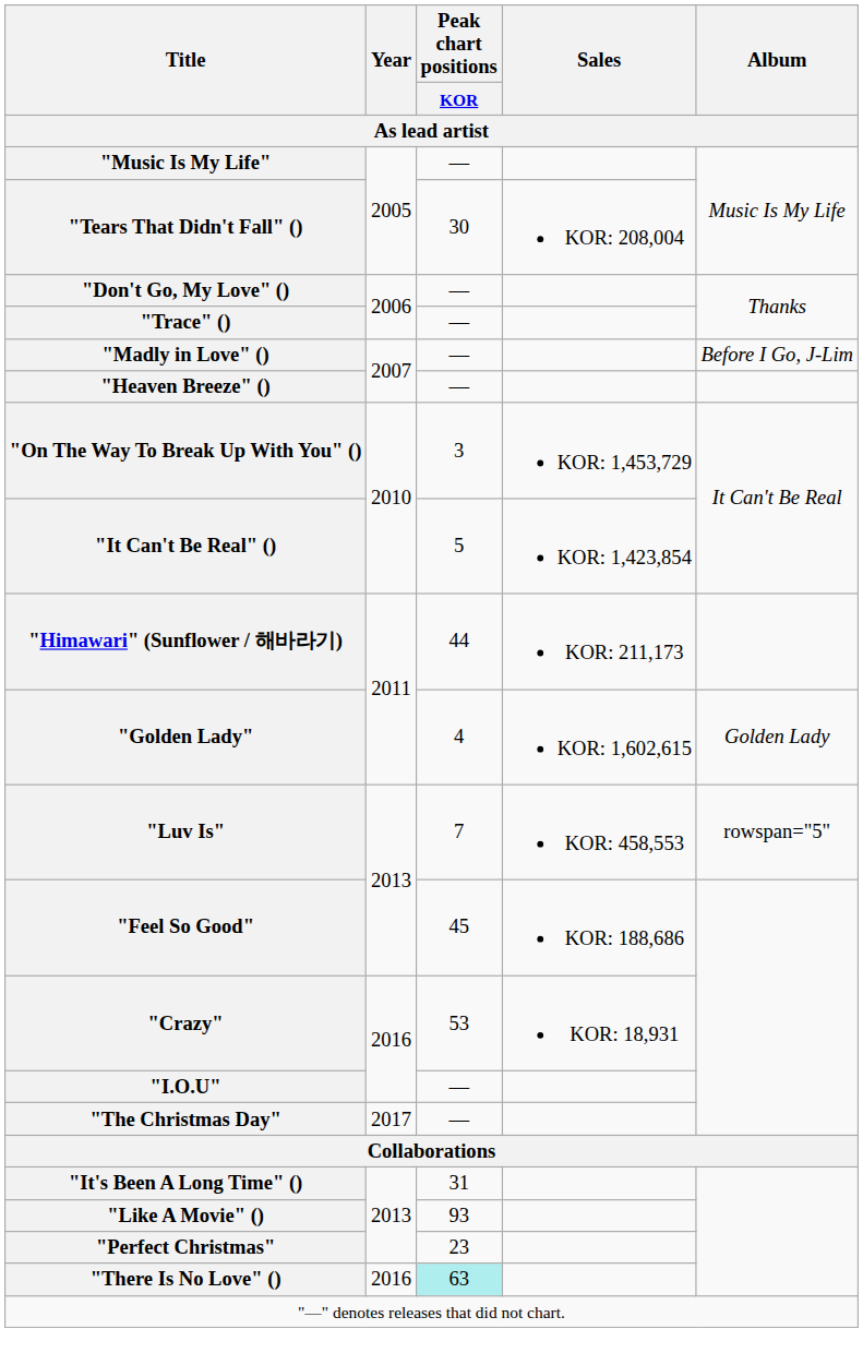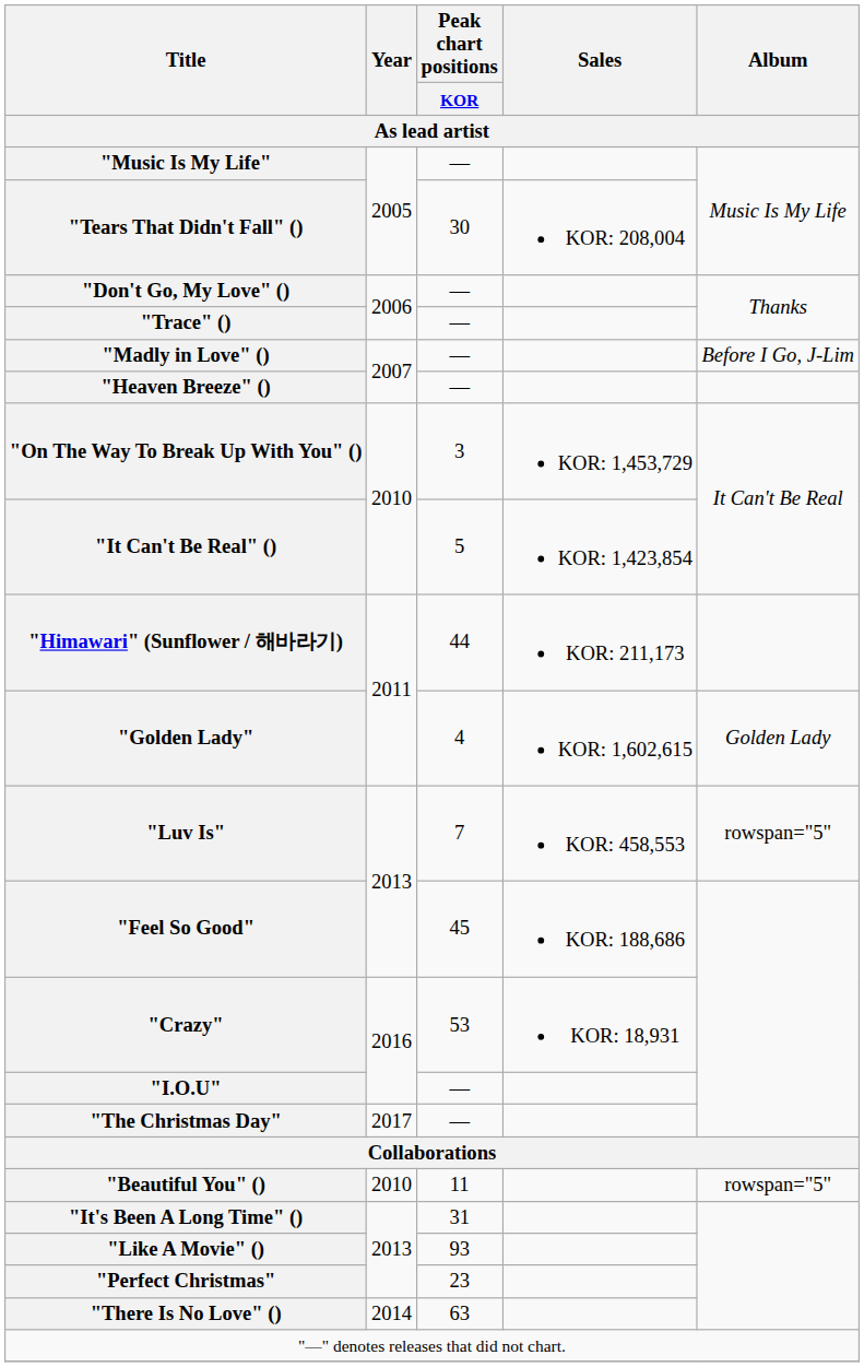 <table class="wikitable plainrowheaders" style="text-align:center;">
 <tr>
 <th scope="col" rowspan="2">Title</th>
 <th scope="col" rowspan="2">Year</th>
 <th scope="col" colspan="1">Peak chart positions</th>
 <th scope="col" rowspan="2">Sales</th>
 <th scope="col" rowspan="2">Album</th>
 </tr>
 <tr>
 <th style="width:3em;"><small><a href='#'>KOR</a></small><br></th>
 </tr>
 <tr>
 <th scope="col" colspan="5">As lead artist</th>
 </tr>
 <tr>
 <th scope="row">"Music Is My Life"</th>
 <td rowspan="2">2005</td>
 <td>—</td>
 <td></td>
 <td rowspan="2"><em>Music Is My Life</em></td>
 </tr>
 <tr>
 <th scope="row">"Tears That Didn't Fall" ()</th>
 <td>30</td>
 <td><br><ul><li>KOR: 208,004</li></ul></td>
 </tr>
 <tr>
 <th scope="row">"Don't Go, My Love" ()</th>
 <td rowspan="2">2006</td>
 <td>—</td>
 <td></td>
 <td rowspan="2"><em>Thanks</em></td>
 </tr>
 <tr>
 <th scope="row">"Trace" ()</th>
 <td>—</td>
 <td></td>
 </tr>
 <tr>
 <th scope="row">"Madly in Love" ()<br></th>
 <td rowspan="2">2007</td>
 <td>—</td>
 <td></td>
 <td><em>Before I Go, J-Lim</em></td>
 </tr>
 <tr>
 <th scope="row">"Heaven Breeze" ()</th>
 <td>—</td>
 <td></td>
 <td></td>
 </tr>
 <tr>
 <th scope="row">"On The Way To Break Up With You" ()<br></th>
 <td rowspan="2">2010</td>
 <td>3</td>
 <td><br><ul><li>KOR: 1,453,729</li></ul></td>
 <td rowspan="2"><em>It Can't Be Real</em></td>
 </tr>
 <tr>
 <th scope="row">"It Can't Be Real" ()</th>
 <td>5</td>
 <td><br><ul><li>KOR: 1,423,854</li></ul></td>
 </tr>
 <tr>
 <th scope="row">"<a href='#'>Himawari</a>" (Sunflower / 해바라기)<br></th>
 <td rowspan="2">2011</td>
 <td>44</td>
 <td><br><ul><li>KOR: 211,173</li></ul></td>
 <td></td>
 </tr>
 <tr>
 <th scope="row">"Golden Lady"<br></th>
 <td>4</td>
 <td><br><ul><li>KOR: 1,602,615</li></ul></td>
 <td><em>Golden Lady</em></td>
 </tr>
 <tr>
 <th scope="row">"Luv Is"<br></th>
 <td rowspan="2">2013</td>
 <td>7</td>
 <td><br><ul><li>KOR: 458,553</li></ul></td>
 <td>rowspan="5" </td>
 </tr>
 <tr>
 <th scope="row">"Feel So Good"<br></th>
 <td>45</td>
 <td><br><ul><li>KOR: 188,686</li></ul></td>
 </tr>
 <tr>
 <th scope="row">"Crazy"</th>
 <td rowspan="2">2016</td>
 <td>53</td>
 <td><br><ul><li>KOR: 18,931</li></ul></td>
 </tr>
 <tr>
 <th scope="row">"I.O.U"</th>
 <td>—</td>
 <td></td>
 </tr>
 <tr>
 <th scope="row">"The Christmas Day"</th>
 <td>2017</td>
 <td>—</td>
 <td></td>
 </tr>
 <tr>
 <th scope="col" colspan="5">Collaborations</th>
 </tr>
 <tr>
+<th scope="row">"Beautiful You" ()<br></th>
+<td>2010</td>
+<td>11</td>
+<td></td>
+<td>rowspan="5" </td>
+</tr>
+<tr>
 <th scope="row">"It's Been A Long Time" ()<br></th>
 <td rowspan="3">2013</td>
 <td>31</td>
 <td></td>
 </tr>
 <tr>
 <th scope="row">"Like A Movie" ()<br></th>
 <td>93</td>
 <td></td>
 </tr>
 <tr>
 <th scope="row">"Perfect Christmas"<br></th>
 <td>23</td>
 <td></td>
 </tr>
 <tr>
 <th scope="row">"There Is No Love" ()<br></th>
-<td>2016</td>
-<td style="background: paleturquoise;">63</td>
+<td>2014</td>
+<td>63</td>
 <td></td>
 </tr>
 <tr>
 <td colspan="5"><small>"—" denotes releases that did not chart.</small></td>
 </tr>
 <tr>
 </tr>
 </table>
